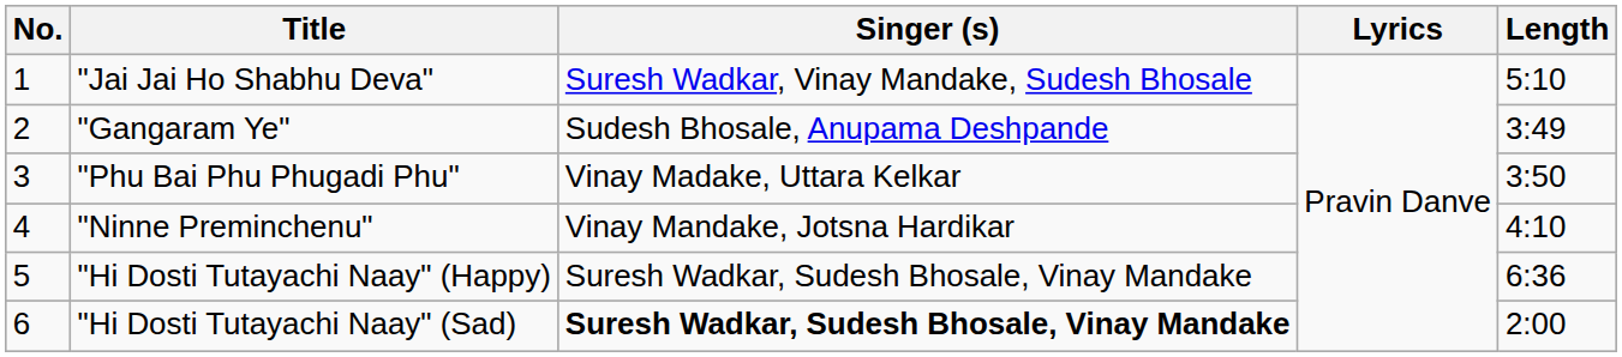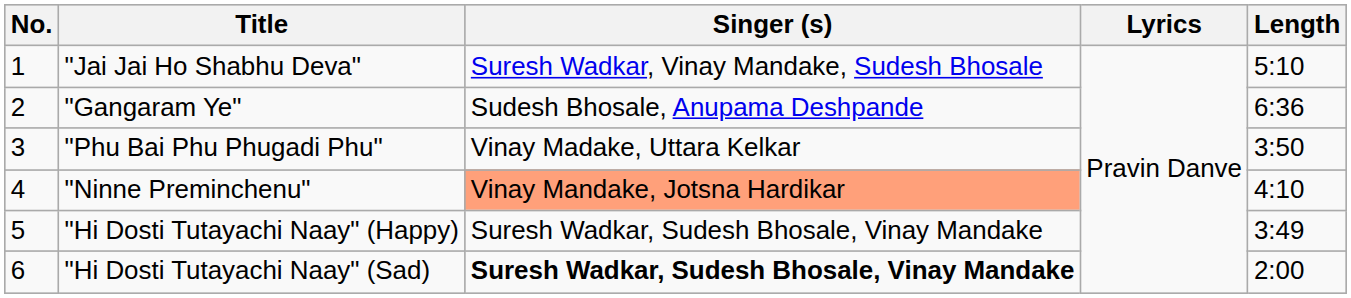 <table class="wikitable">
 <tr>
 <th>No.</th>
 <th>Title</th>
 <th>Singer (s)</th>
 <th>Lyrics</th>
 <th>Length</th>
 </tr>
 <tr>
 <td>1</td>
 <td>"Jai Jai Ho Shabhu Deva"</td>
 <td><a href='#'>Suresh Wadkar</a>, Vinay Mandake, <a href='#'>Sudesh Bhosale</a></td>
 <td rowspan="6">Pravin Danve</td>
 <td>5:10</td>
 </tr>
 <tr>
 <td>2</td>
 <td>"Gangaram Ye"</td>
 <td>Sudesh Bhosale, <a href='#'>Anupama Deshpande</a></td>
-<td>3:49</td>
+<td>6:36</td>
 </tr>
 <tr>
 <td>3</td>
 <td>"Phu Bai Phu Phugadi Phu"</td>
 <td>Vinay Madake, Uttara Kelkar</td>
 <td>3:50</td>
 </tr>
 <tr>
 <td>4</td>
 <td>"Ninne Preminchenu"</td>
-<td>Vinay Mandake, Jotsna Hardikar</td>
+<td style="background: lightsalmon;">Vinay Mandake, Jotsna Hardikar</td>
 <td>4:10</td>
 </tr>
 <tr>
 <td>5</td>
 <td>"Hi Dosti Tutayachi Naay" (Happy)</td>
 <td>Suresh Wadkar, Sudesh Bhosale, Vinay Mandake</td>
-<td>6:36</td>
+<td>3:49</td>
 </tr>
 <tr>
 <td>6</td>
 <td>"Hi Dosti Tutayachi Naay" (Sad)</td>
 <td><strong>Suresh Wadkar, Sudesh Bhosale, Vinay Mandake</strong></td>
 <td>2:00</td>
 </tr>
 </table>
